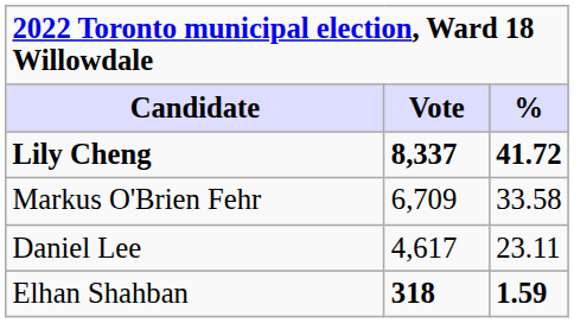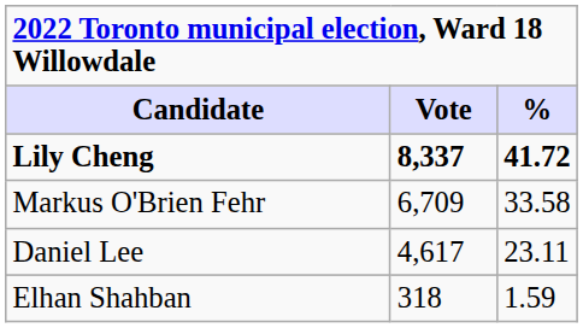 <table class="wikitable plainrowheaders">
 <tr>
 <td colspan="3"><strong><a href='#'>2022 Toronto municipal election</a>, Ward 18 Willowdale</strong> </td>
 </tr>
 <tr>
 <th style="background:#ddf; width:200px;">Candidate</th>
 <th style="background:#ddf; width:50px;">Vote</th>
 <th style="background:#ddf; width:30px;">%</th>
 </tr>
 <tr>
 <td><strong>Lily Cheng</strong></td>
 <td><strong>8,337</strong></td>
 <td><strong>41.72</strong></td>
 </tr>
 <tr>
 <td>Markus O'Brien Fehr</td>
 <td>6,709</td>
 <td>33.58</td>
 </tr>
 <tr>
 <td>Daniel Lee</td>
 <td>4,617</td>
 <td>23.11</td>
 </tr>
 <tr>
 <td>Elhan Shahban</td>
-<td><strong>318</strong></td>
-<td><strong>1.59</strong></td>
+<td>318</td>
+<td>1.59</td>
 </tr>
 </table>
